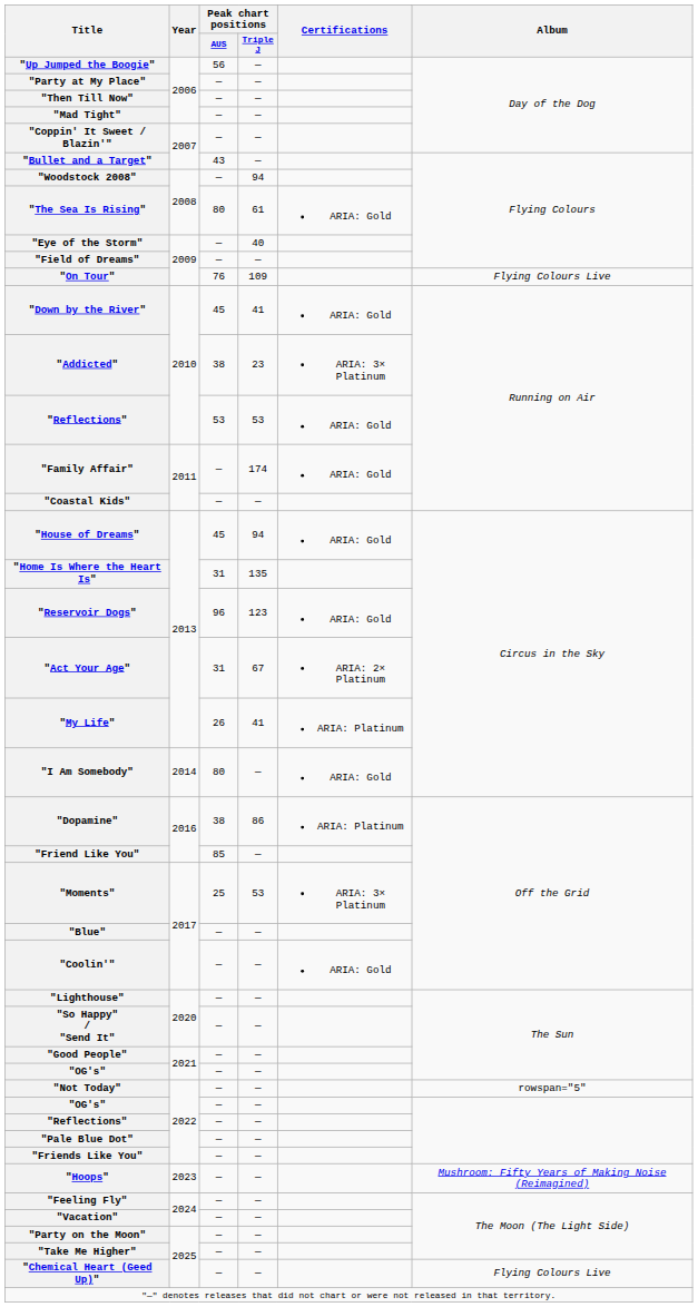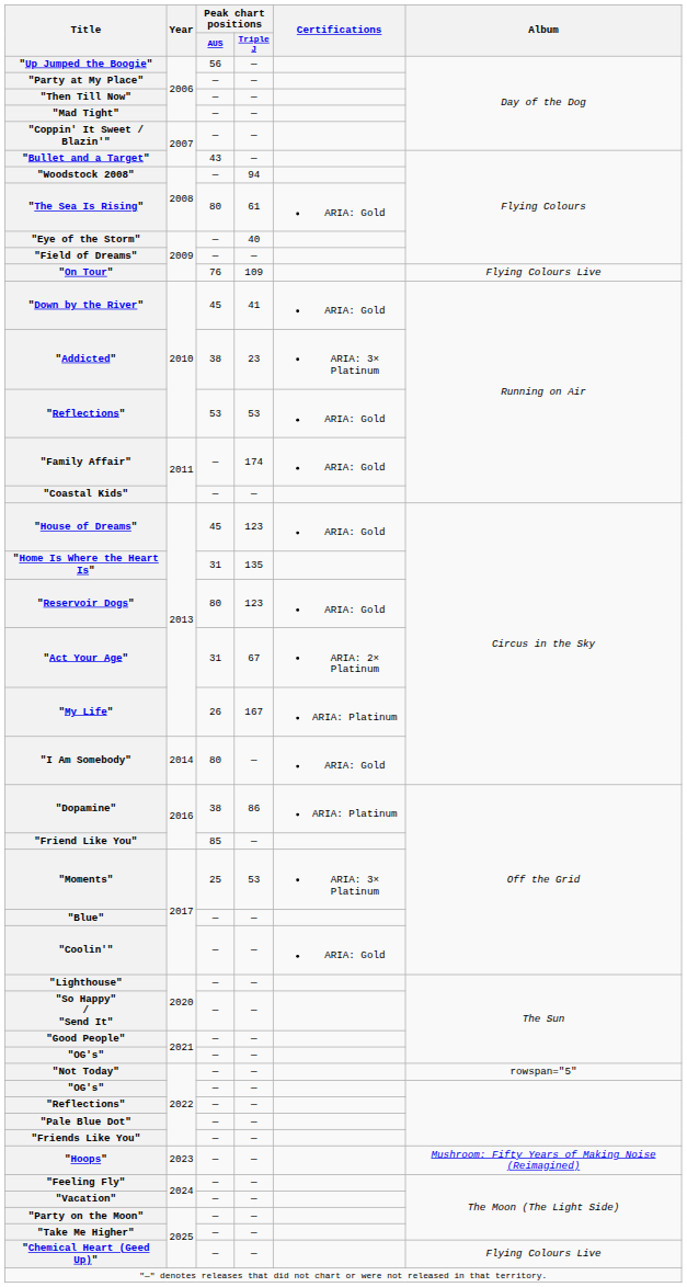 <table class="wikitable plainrowheaders" style="text-align:center;">
 <tr>
 <th scope="col" rowspan="2">Title</th>
 <th scope="col" rowspan="2">Year</th>
 <th scope="col" colspan="2">Peak chart positions</th>
 <th scope="col" rowspan="2"><a href='#'>Certifications</a></th>
 <th scope="col" rowspan="2">Album</th>
 </tr>
 <tr>
 <th style="width:4em;font-size:85%;"><a href='#'>AUS</a><br></th>
 <th style="width:4em;font-size:85%;"><a href='#'>Triple J</a><br></th>
 </tr>
 <tr>
 <th scope="row">"<a href='#'>Up Jumped the Boogie</a>"</th>
 <td rowspan="4">2006</td>
 <td>56</td>
 <td>—</td>
 <td></td>
 <td rowspan="5"><em>Day of the Dog</em></td>
 </tr>
 <tr>
 <th scope="row">"Party at My Place"<br></th>
 <td>—</td>
 <td>—</td>
 <td></td>
 </tr>
 <tr>
 <th scope="row">"Then Till Now"</th>
 <td>—</td>
 <td>—</td>
 <td></td>
 </tr>
 <tr>
 <th scope="row">"Mad Tight"</th>
 <td>—</td>
 <td>—</td>
 <td></td>
 </tr>
 <tr>
 <th scope="row">"Coppin' It Sweet / Blazin'"</th>
 <td rowspan="2">2007</td>
 <td>—</td>
 <td>—</td>
 <td></td>
 </tr>
 <tr>
 <th scope="row">"<a href='#'>Bullet and a Target</a>"<br></th>
 <td>43</td>
 <td>—</td>
 <td></td>
 <td rowspan="5"><em>Flying Colours</em></td>
 </tr>
 <tr>
 <th scope="row">"Woodstock 2008"</th>
 <td rowspan="2">2008</td>
 <td>—</td>
 <td>94</td>
 <td></td>
 </tr>
 <tr>
 <th scope="row">"<a href='#'>The Sea Is Rising</a>"<br></th>
 <td>80</td>
 <td>61</td>
 <td><br><ul><li>ARIA: Gold</li></ul></td>
 </tr>
 <tr>
 <th scope="row">"Eye of the Storm"</th>
 <td rowspan="3">2009</td>
 <td>—</td>
 <td>40</td>
 <td></td>
 </tr>
 <tr>
 <th scope="row">"Field of Dreams"</th>
 <td>—</td>
 <td>—</td>
 <td></td>
 </tr>
 <tr>
 <th scope="row">"<a href='#'>On Tour</a>"</th>
 <td>76</td>
 <td>109</td>
 <td></td>
 <td><em>Flying Colours Live</em></td>
 </tr>
 <tr>
 <th scope="row">"<a href='#'>Down by the River</a>"</th>
 <td rowspan="3">2010</td>
 <td>45</td>
 <td>41</td>
 <td><br><ul><li>ARIA: Gold</li></ul></td>
 <td rowspan="5"><em>Running on Air</em></td>
 </tr>
 <tr>
 <th scope="row">"<a href='#'>Addicted</a>"</th>
 <td>38</td>
 <td>23</td>
 <td><br><ul><li>ARIA: 3× Platinum</li></ul></td>
 </tr>
 <tr>
 <th scope="row">"<a href='#'>Reflections</a>"</th>
 <td>53</td>
 <td>53</td>
 <td><br><ul><li>ARIA: Gold</li></ul></td>
 </tr>
 <tr>
 <th scope="row">"Family Affair"</th>
 <td rowspan="2">2011</td>
 <td>—</td>
 <td>174</td>
 <td><br><ul><li>ARIA: Gold</li></ul></td>
 </tr>
 <tr>
 <th scope="row">"Coastal Kids"</th>
 <td>—</td>
 <td>—</td>
 <td></td>
 </tr>
 <tr>
 <th scope="row">"<a href='#'>House of Dreams</a>"</th>
 <td rowspan="5">2013</td>
 <td>45</td>
-<td>94</td>
+<td>123</td>
 <td><br><ul><li>ARIA: Gold</li></ul></td>
 <td rowspan="6"><em>Circus in the Sky</em></td>
 </tr>
 <tr>
 <th scope="row">"<a href='#'>Home Is Where the Heart Is</a>"</th>
 <td>31</td>
 <td>135</td>
 <td></td>
 </tr>
 <tr>
 <th scope="row">"<a href='#'>Reservoir Dogs</a>"<br></th>
-<td>96</td>
+<td>80</td>
 <td>123</td>
 <td><br><ul><li>ARIA: Gold</li></ul></td>
 </tr>
 <tr>
 <th scope="row">"<a href='#'>Act Your Age</a>"</th>
 <td>31</td>
 <td>67</td>
 <td><br><ul><li>ARIA: 2× Platinum</li></ul></td>
 </tr>
 <tr>
 <th scope="row">"<a href='#'>My Life</a>"<br></th>
 <td>26</td>
-<td>41</td>
+<td>167</td>
 <td><br><ul><li>ARIA: Platinum</li></ul></td>
 </tr>
 <tr>
 <th scope="row">"I Am Somebody"<br></th>
 <td>2014</td>
 <td>80</td>
 <td>—</td>
 <td><br><ul><li>ARIA: Gold</li></ul></td>
 </tr>
 <tr>
 <th scope="row">"Dopamine"<br></th>
 <td rowspan="2">2016</td>
 <td>38</td>
 <td>86</td>
 <td><br><ul><li>ARIA: Platinum</li></ul></td>
 <td rowspan="5"><em>Off the Grid</em></td>
 </tr>
 <tr>
 <th scope="row">"Friend Like You"<br></th>
 <td>85</td>
 <td>—</td>
 <td></td>
 </tr>
 <tr>
 <th scope="row">"Moments"<br></th>
 <td rowspan="3">2017</td>
 <td>25</td>
 <td>53</td>
 <td><br><ul><li>ARIA: 3× Platinum</li></ul></td>
 </tr>
 <tr>
 <th scope="row">"Blue"</th>
 <td>—</td>
 <td>—</td>
 <td></td>
 </tr>
 <tr>
 <th scope="row">"Coolin'"<br></th>
 <td>—</td>
 <td>—</td>
 <td><br><ul><li>ARIA: Gold</li></ul></td>
 </tr>
 <tr>
 <th scope="row">"Lighthouse"<br></th>
 <td rowspan="2">2020</td>
 <td>—</td>
 <td>—</td>
 <td></td>
 <td rowspan="4"><em>The Sun</em></td>
 </tr>
 <tr>
 <th scope="row">"So Happy"<br>  / <br>"Send It"</th>
 <td>—</td>
 <td>—</td>
 <td></td>
 </tr>
 <tr>
 <th scope="row">"Good People"<br></th>
 <td rowspan="2">2021</td>
 <td>—</td>
 <td>—</td>
 <td></td>
 </tr>
 <tr>
 <th scope="row">"OG's"<br></th>
 <td>—</td>
 <td>—</td>
 <td></td>
 </tr>
 <tr>
 <th scope="row">"Not Today"</th>
 <td rowspan="5">2022</td>
 <td>—</td>
 <td>—</td>
 <td></td>
 <td>rowspan="5" </td>
 </tr>
 <tr>
 <th scope="row">"OG's"<br></th>
 <td>—</td>
 <td>—</td>
 <td></td>
 </tr>
 <tr>
 <th scope="row">"Reflections"<br></th>
 <td>—</td>
 <td>—</td>
 <td></td>
 </tr>
 <tr>
 <th scope="row">"Pale Blue Dot"<br></th>
 <td>—</td>
 <td>—</td>
 <td></td>
 </tr>
 <tr>
 <th scope="row">"Friends Like You"<br></th>
 <td>—</td>
 <td>—</td>
 <td></td>
 </tr>
 <tr>
 <th scope="row">"<a href='#'>Hoops</a>"</th>
 <td>2023</td>
 <td>—</td>
 <td>—</td>
 <td></td>
 <td><em><a href='#'>Mushroom: Fifty Years of Making Noise (Reimagined)</a></em></td>
 </tr>
 <tr>
 <th scope="row">"Feeling Fly"</th>
 <td rowspan="2">2024</td>
 <td>—</td>
 <td>—</td>
 <td></td>
 <td rowspan="4"><em>The Moon (The Light Side)</em></td>
 </tr>
 <tr>
 <th scope="row">"Vacation"</th>
 <td>—</td>
 <td>—</td>
 <td></td>
 </tr>
 <tr>
 <th scope="row">"Party on the Moon"</th>
 <td rowspan="3">2025</td>
 <td>—</td>
 <td>—</td>
 <td></td>
 </tr>
 <tr>
 <th scope="row">"Take Me Higher"</th>
 <td>—</td>
 <td>—</td>
 <td></td>
 </tr>
 <tr>
 <th scope="row">"<a href='#'>Chemical Heart (Geed Up)</a>"<br></th>
 <td>—</td>
 <td>—</td>
 <td></td>
 <td><em>Flying Colours Live</em></td>
 </tr>
 <tr>
 <td colspan="6" align="center" style="font-size: 85%">"—" denotes releases that did not chart or were not released in that territory.</td>
 </tr>
 </table>
